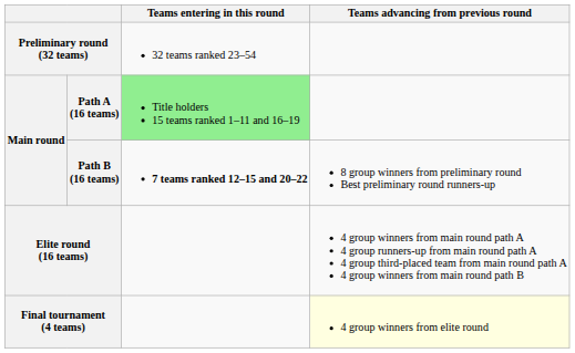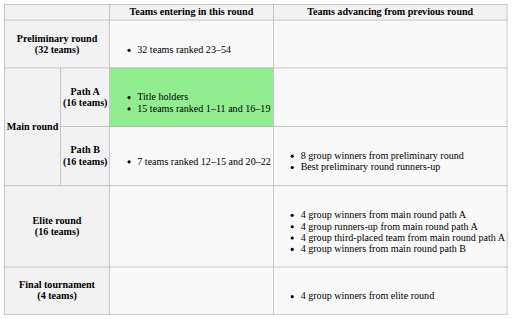 <table class="wikitable">
 <tr>
 <th colspan=2></th>
 <th>Teams entering in this round</th>
 <th>Teams advancing from previous round</th>
 </tr>
 <tr>
 <th colspan=2>Preliminary round<br>(32 teams)</th>
 <td><br><ul><li>32 teams ranked 23–54</li></ul></td>
 <td></td>
 </tr>
 <tr>
 <th rowspan=2>Main round</th>
 <th>Path A<br>(16 teams)</th>
 <td style="background: lightgreen;"><br><ul><li>Title holders</li><li>15 teams ranked 1–11 and 16–19</li></ul></td>
 <td></td>
 </tr>
 <tr>
 <th>Path B<br>(16 teams)</th>
-<td><strong><br><ul><li>7 teams ranked 12–15 and 20–22</li></ul></strong></td>
+<td><br><ul><li>7 teams ranked 12–15 and 20–22</li></ul></td>
 <td><br><ul><li>8 group winners from preliminary round</li><li>Best preliminary round runners-up</li></ul></td>
 </tr>
 <tr>
 <th colspan=2>Elite round<br>(16 teams)</th>
 <td></td>
 <td><br><ul><li>4 group winners from main round path A</li><li>4 group runners-up from main round path A</li><li>4 group third-placed team from main round path A</li><li>4 group winners from main round path B</li></ul></td>
 </tr>
 <tr>
 <th colspan=2>Final tournament<br>(4 teams)</th>
 <td></td>
-<td style="background: lightyellow;"><br><ul><li>4 group winners from elite round</li></ul></td>
+<td><br><ul><li>4 group winners from elite round</li></ul></td>
 </tr>
 </table>
